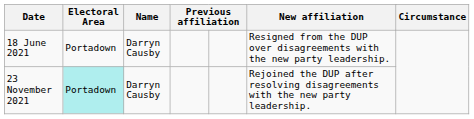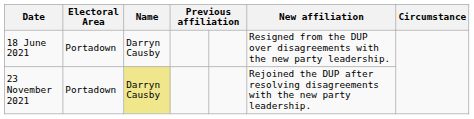 <table class="wikitable" style="font-size: 95%">
 <tr>
 <th>Date</th>
 <th>Electoral Area</th>
 <th>Name</th>
 <th colspan="2">Previous affiliation</th>
 <th colspan="2">New affiliation</th>
 <th>Circumstance</th>
 </tr>
 <tr>
 <td>18 June 2021</td>
 <td>Portadown</td>
 <td>Darryn Causby</td>
 <td></td>
 <td></td>
 <td>Resigned from the DUP over disagreements with the new party leadership.</td>
 </tr>
 <tr>
 <td>23 November 2021</td>
-<td style="background: paleturquoise;">Portadown</td>
-<td>Darryn Causby</td>
+<td>Portadown</td>
+<td style="background: khaki;">Darryn Causby</td>
 <td></td>
 <td></td>
 <td>Rejoined the DUP after resolving disagreements with the new party leadership.</td>
 </tr>
 </table>
